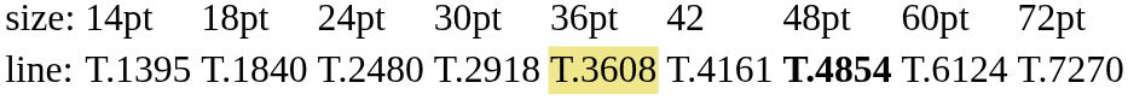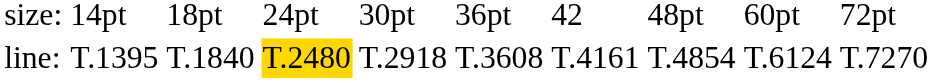 <table style="margin-left:40px;">
 <tr>
 <td>size:</td>
 <td>14pt</td>
 <td>18pt</td>
 <td>24pt</td>
 <td>30pt</td>
 <td>36pt</td>
 <td>42</td>
 <td>48pt</td>
 <td>60pt</td>
 <td>72pt</td>
 </tr>
 <tr>
 <td>line:</td>
 <td>T.1395</td>
 <td>T.1840</td>
-<td>T.2480</td>
+<td style="background: gold;">T.2480</td>
 <td>T.2918</td>
-<td style="background: khaki;">T.3608</td>
+<td>T.3608</td>
 <td>T.4161</td>
-<td><strong>T.4854</strong></td>
+<td>T.4854</td>
 <td>T.6124</td>
 <td>T.7270</td>
 </tr>
 </table>
